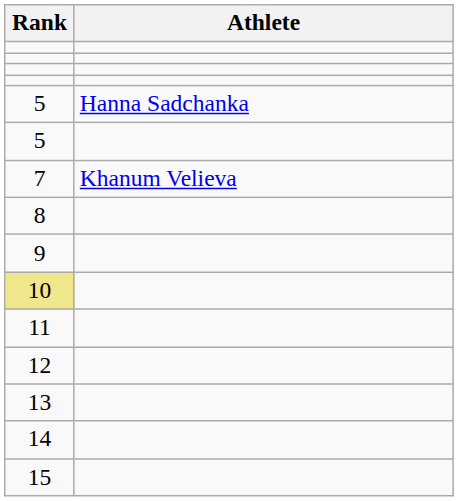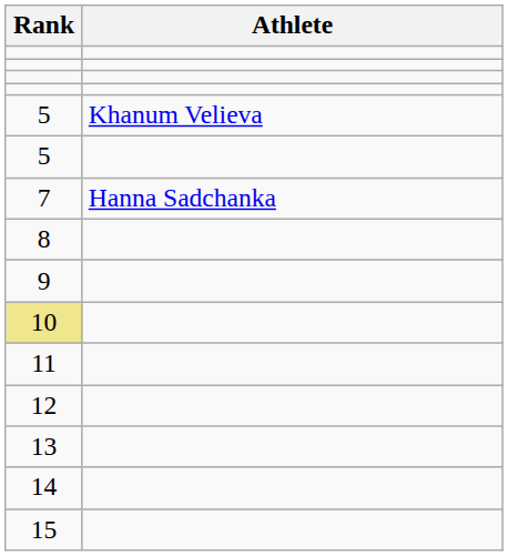 <table class="wikitable" style="text-align: center;">
 <tr>
 <th width=40>Rank</th>
 <th width=250>Athlete</th>
 </tr>
 <tr>
 <td></td>
 <td align="left"></td>
 </tr>
 <tr>
 <td></td>
 <td align="left"></td>
 </tr>
 <tr>
 <td></td>
 <td align="left"></td>
 </tr>
 <tr>
 <td></td>
 <td align="left"></td>
 </tr>
 <tr>
 <td>5</td>
-<td align="left"> <a href='#'>Hanna Sadchanka</a> </td>
+<td align="left"> <a href='#'>Khanum Velieva</a> </td>
 </tr>
 <tr>
 <td>5</td>
 <td align="left"></td>
 </tr>
 <tr>
 <td>7</td>
-<td align="left"> <a href='#'>Khanum Velieva</a> </td>
+<td align="left"> <a href='#'>Hanna Sadchanka</a> </td>
 </tr>
 <tr>
 <td>8</td>
 <td align="left"></td>
 </tr>
 <tr>
 <td>9</td>
 <td align="left"></td>
 </tr>
 <tr>
 <td style="background: khaki;">10</td>
 <td align="left"></td>
 </tr>
 <tr>
 <td>11</td>
 <td align="left"></td>
 </tr>
 <tr>
 <td>12</td>
 <td align="left"></td>
 </tr>
 <tr>
 <td>13</td>
 <td align="left"></td>
 </tr>
 <tr>
 <td>14</td>
 <td align="left"></td>
 </tr>
 <tr>
 <td>15</td>
 <td align="left"></td>
 </tr>
 </table>
